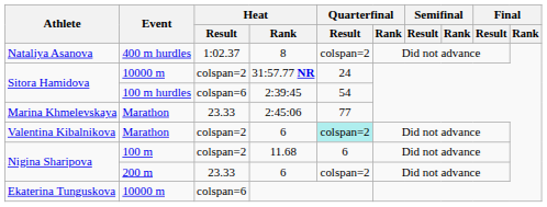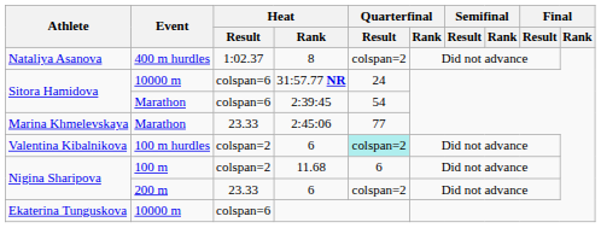 <table class="wikitable" style="font-size:90%">
 <tr>
 <th rowspan="2">Athlete</th>
 <th rowspan="2">Event</th>
 <th colspan="2">Heat</th>
 <th colspan="2">Quarterfinal</th>
 <th colspan="2">Semifinal</th>
 <th colspan="2">Final</th>
 </tr>
 <tr style="font-size:95%">
 <th>Result</th>
 <th>Rank</th>
 <th>Result</th>
 <th>Rank</th>
 <th>Result</th>
 <th>Rank</th>
 <th>Result</th>
 <th>Rank</th>
 </tr>
 <tr align=center>
 <td align=left><a href='#'>Nataliya Asanova</a></td>
 <td align=left><a href='#'>400 m hurdles</a></td>
 <td>1:02.37</td>
 <td>8</td>
 <td>colspan=2 </td>
 <td colspan=4>Did not advance</td>
 </tr>
 <tr align=center>
 <td align=left rowspan=2><a href='#'>Sitora Hamidova</a></td>
 <td align=left><a href='#'>10000 m</a></td>
-<td>colspan=2 </td>
+<td>colspan=6 </td>
 <td>31:57.77 <strong><a href='#'>NR</a></strong></td>
 <td>24</td>
 </tr>
 <tr align=center>
-<td align=left><a href='#'>100 m hurdles</a></td>
+<td align=left><a href='#'>Marathon</a></td>
 <td>colspan=6 </td>
 <td>2:39:45</td>
 <td>54</td>
 </tr>
 <tr align=center>
 <td align=left><a href='#'>Marina Khmelevskaya</a></td>
 <td align=left><a href='#'>Marathon</a></td>
 <td>23.33</td>
 <td>2:45:06</td>
 <td>77</td>
 </tr>
 <tr align=center>
 <td align=left><a href='#'>Valentina Kibalnikova</a></td>
-<td align=left><a href='#'>Marathon</a></td>
+<td align=left><a href='#'>100 m hurdles</a></td>
 <td>colspan=2 </td>
 <td>6</td>
 <td style="background: paleturquoise;">colspan=2 </td>
 <td colspan=4>Did not advance</td>
 </tr>
 <tr align=center>
 <td align=left rowspan=2><a href='#'>Nigina Sharipova</a></td>
 <td align=left><a href='#'>100 m</a></td>
 <td>colspan=2 </td>
 <td>11.68</td>
 <td>6</td>
 <td colspan=4>Did not advance</td>
 </tr>
 <tr align=center>
 <td align=left><a href='#'>200 m</a></td>
 <td>23.33</td>
 <td>6</td>
 <td>colspan=2 </td>
 <td colspan=4>Did not advance</td>
 </tr>
 <tr align=center>
 <td align=left><a href='#'>Ekaterina Tunguskova</a></td>
 <td align=left><a href='#'>10000 m</a></td>
 <td>colspan=6 </td>
 <td colspan=2></td>
 </tr>
 </table>
